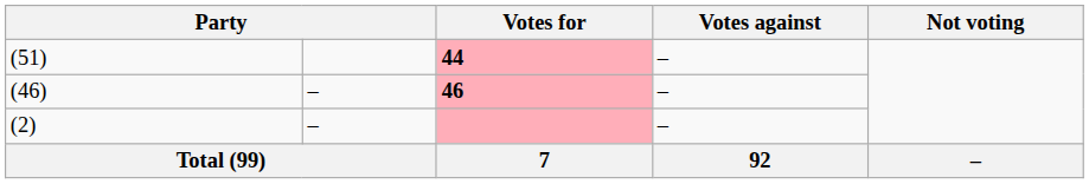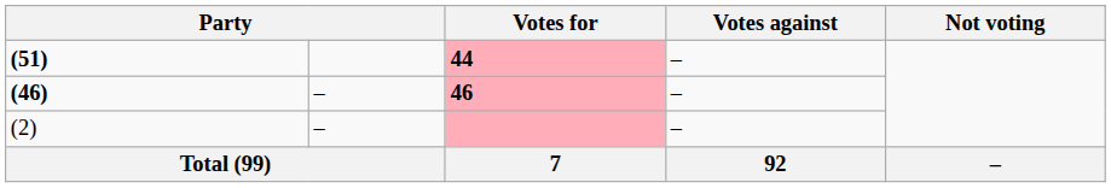 <table class="wikitable" style="width:50%;">
 <tr>
 <th colspan="2">Party</th>
 <th style="width:20%;">Votes for</th>
 <th style="width:20%;">Votes against</th>
 <th style="width:20%;">Not voting</th>
 </tr>
 <tr>
-<td> (51)</td>
+<td><strong> (51)</strong></td>
 <td></td>
 <td style="background-color:#ffaeb9;"><strong>44</strong></td>
 <td>–</td>
 </tr>
 <tr>
-<td> (46)</td>
+<td><strong> (46)</strong></td>
 <td>–</td>
 <td style="background-color:#ffaeb9;"><strong>46</strong></td>
 <td>–</td>
 </tr>
 <tr>
 <td> (2)</td>
 <td>–</td>
 <td style="background-color:#ffaeb9;"></td>
 <td>–</td>
 </tr>
 <tr>
 <th colspan="2">Total (99)</th>
 <th>7</th>
 <th>92</th>
 <th>–</th>
 </tr>
 </table>
